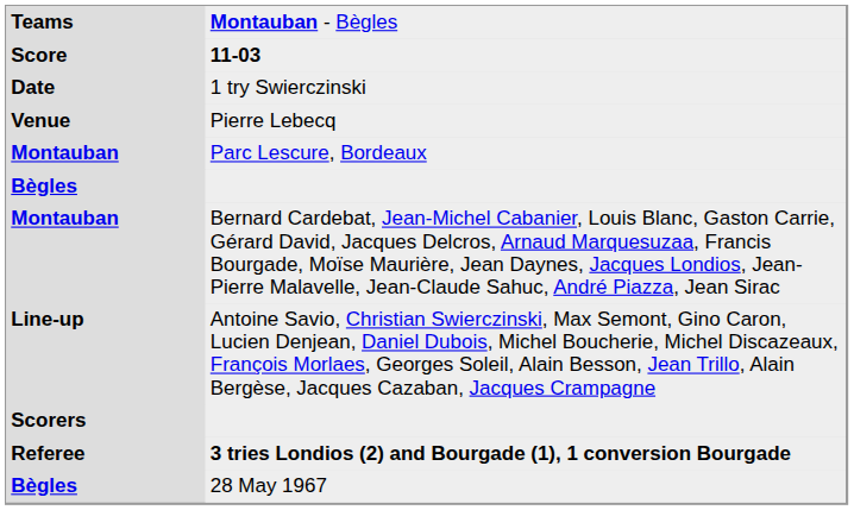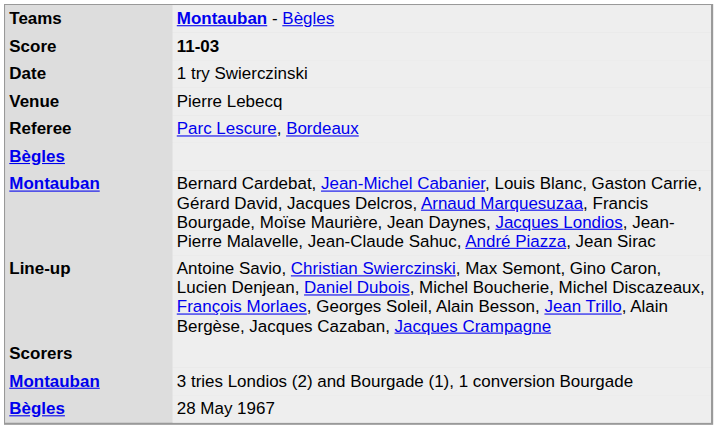 <table align="left" cellpadding="4" cellspacing="0" style="margin: 0 0 0 0; border: 1px solid #999; border-right-width: 2px; border-bottom-width: 2px; background-color: #DDDDDD">
 <tr>
 <td width="150" valign="top"><strong>Teams</strong></td>
 <td width="500" bgcolor=#EEEEEE><strong><a href='#'>Montauban</a> </strong> - <a href='#'>Bègles</a></td>
 </tr>
 <tr>
 <td valign="top"><strong>Score</strong></td>
 <td bgcolor=#EEEEEE><strong>11-03</strong></td>
 </tr>
 <tr>
 <td valign="top"><strong>Date</strong></td>
 <td bgcolor=#EEEEEE>1 try Swierczinski</td>
 </tr>
 <tr>
 <td valign="top"><strong>Venue</strong></td>
 <td bgcolor=#EEEEEE>Pierre Lebecq</td>
 </tr>
 <tr>
-<td valign="top"><strong><a href='#'>Montauban</a></strong></td>
+<td valign="top"><strong>Referee</strong></td>
 <td bgcolor=#EEEEEE><a href='#'>Parc Lescure</a>, <a href='#'>Bordeaux</a></td>
 </tr>
 <tr>
 <td valign="top"><strong><a href='#'>Bègles</a></strong></td>
 <td bgcolor=#EEEEEE></td>
 </tr>
 <tr>
 <td valign="top"><strong><a href='#'>Montauban</a></strong></td>
 <td bgcolor=#EEEEEE>Bernard Cardebat, <a href='#'>Jean-Michel Cabanier</a>, Louis Blanc, Gaston Carrie, Gérard David, Jacques Delcros, <a href='#'>Arnaud Marquesuzaa</a>, Francis Bourgade, Moïse Maurière, Jean Daynes, <a href='#'>Jacques Londios</a>, Jean-Pierre Malavelle, Jean-Claude Sahuc, <a href='#'>André Piazza</a>, Jean Sirac</td>
 </tr>
 <tr>
 <td valign="top"><strong>Line-up</strong></td>
 <td bgcolor=#EEEEEE>Antoine Savio, <a href='#'>Christian Swierczinski</a>, Max Semont, Gino Caron, Lucien Denjean, <a href='#'>Daniel Dubois</a>, Michel Boucherie, Michel Discazeaux, <a href='#'>François Morlaes</a>, Georges Soleil, Alain Besson, <a href='#'>Jean Trillo</a>, Alain Bergèse, Jacques Cazaban, <a href='#'>Jacques Crampagne</a></td>
 </tr>
 <tr>
 <td valign="top"><strong>Scorers</strong></td>
 <td bgcolor=#EEEEEE></td>
 </tr>
 <tr>
-<td valign="top"><strong>Referee</strong></td>
-<td bgcolor=#EEEEEE><strong>3 tries Londios (2) and Bourgade (1), 1 conversion Bourgade</strong></td>
+<td valign="top"><strong><a href='#'>Montauban</a></strong></td>
+<td bgcolor=#EEEEEE>3 tries Londios (2) and Bourgade (1), 1 conversion Bourgade</td>
 </tr>
 <tr>
 <td valign="top"><strong><a href='#'>Bègles</a></strong></td>
 <td bgcolor=#EEEEEE>28 May 1967</td>
 </tr>
 </table>
